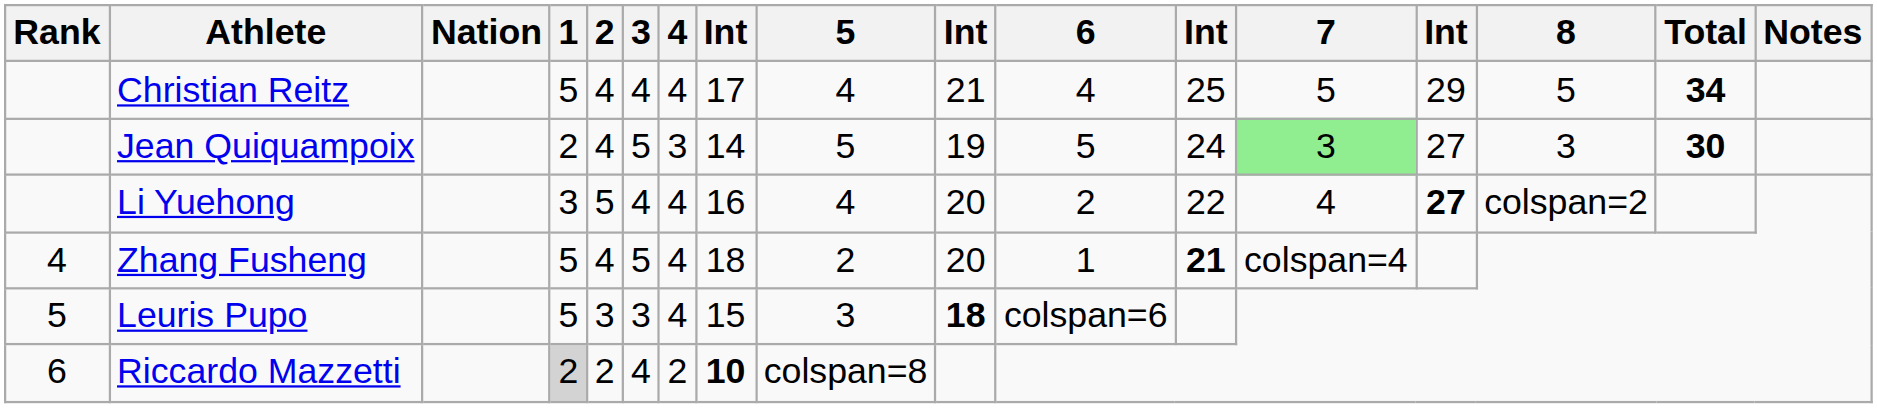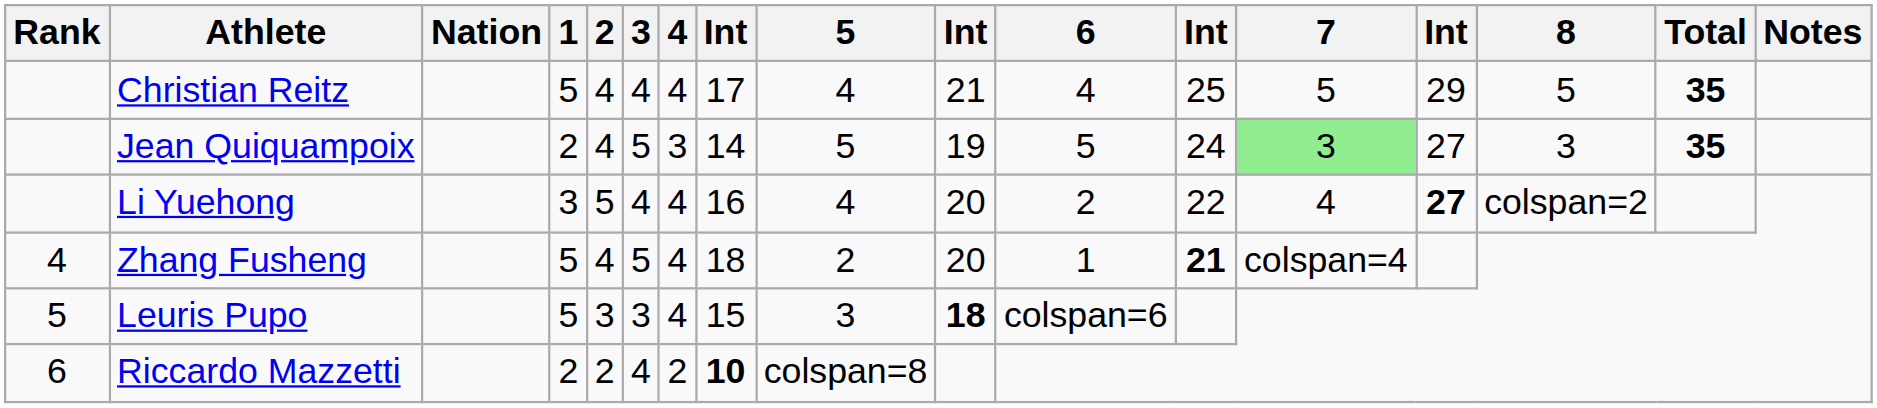 <table class="wikitable sortable" style="text-align:center">
 <tr>
 <th>Rank</th>
 <th>Athlete</th>
 <th>Nation</th>
 <th>1</th>
 <th>2</th>
 <th>3</th>
 <th>4</th>
 <th>Int</th>
 <th>5</th>
 <th>Int</th>
 <th>6</th>
 <th>Int</th>
 <th>7</th>
 <th>Int</th>
 <th>8</th>
 <th>Total</th>
 <th>Notes</th>
 </tr>
 <tr>
 <td></td>
 <td align=left><a href='#'>Christian Reitz</a></td>
 <td align=left></td>
 <td>5</td>
 <td>4</td>
 <td>4</td>
 <td>4</td>
 <td>17</td>
 <td>4</td>
 <td>21</td>
 <td>4</td>
 <td>25</td>
 <td>5</td>
 <td>29</td>
 <td>5</td>
-<td><strong>34</strong></td>
+<td><strong>35</strong></td>
 <td></td>
 </tr>
 <tr>
 <td></td>
 <td align=left><a href='#'>Jean Quiquampoix</a></td>
 <td align=left></td>
 <td>2</td>
 <td>4</td>
 <td>5</td>
 <td>3</td>
 <td>14</td>
 <td>5</td>
 <td>19</td>
 <td>5</td>
 <td>24</td>
 <td style="background: lightgreen;">3</td>
 <td>27</td>
 <td>3</td>
-<td><strong>30</strong></td>
+<td><strong>35</strong></td>
 <td></td>
 </tr>
 <tr>
 <td></td>
 <td align=left><a href='#'>Li Yuehong</a></td>
 <td align=left></td>
 <td>3</td>
 <td>5</td>
 <td>4</td>
 <td>4</td>
 <td>16</td>
 <td>4</td>
 <td>20</td>
 <td>2</td>
 <td>22</td>
 <td>4</td>
 <td><strong>27</strong></td>
 <td>colspan=2 </td>
 <td></td>
 </tr>
 <tr>
 <td>4</td>
 <td align=left><a href='#'>Zhang Fusheng</a></td>
 <td align=left></td>
 <td>5</td>
 <td>4</td>
 <td>5</td>
 <td>4</td>
 <td>18</td>
 <td>2</td>
 <td>20</td>
 <td>1</td>
 <td><strong>21</strong></td>
 <td>colspan=4 </td>
 <td></td>
 </tr>
 <tr>
 <td>5</td>
 <td align=left><a href='#'>Leuris Pupo</a></td>
 <td align=left></td>
 <td>5</td>
 <td>3</td>
 <td>3</td>
 <td>4</td>
 <td>15</td>
 <td>3</td>
 <td><strong>18</strong></td>
 <td>colspan=6 </td>
 <td></td>
 </tr>
 <tr>
 <td>6</td>
 <td align=left><a href='#'>Riccardo Mazzetti</a></td>
 <td align=left></td>
-<td style="background: lightgrey;">2</td>
+<td>2</td>
 <td>2</td>
 <td>4</td>
 <td>2</td>
 <td><strong>10</strong></td>
 <td>colspan=8 </td>
 <td></td>
 </tr>
 </table>
